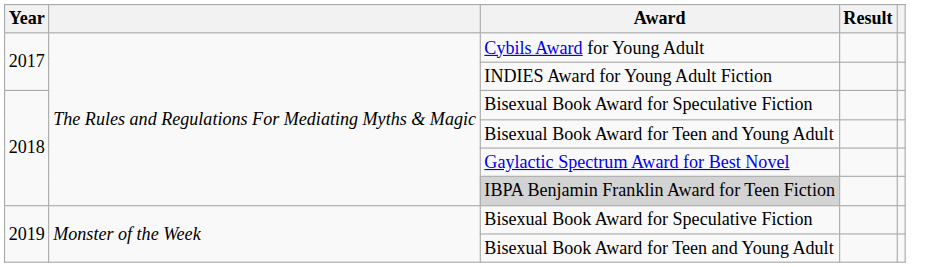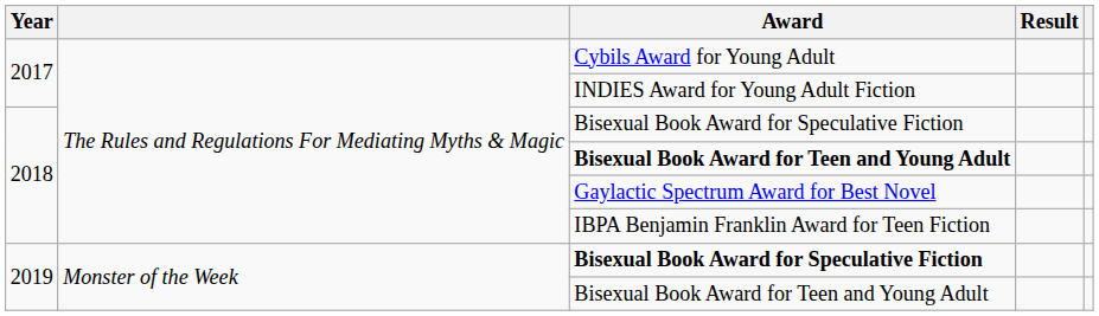 <table class="wikitable">
 <tr>
 <th>Year</th>
 <th></th>
 <th>Award</th>
 <th>Result</th>
 <th></th>
 </tr>
 <tr>
 <td rowspan="2">2017</td>
 <td rowspan="6"><em>The Rules and Regulations For Mediating Myths & Magic</em></td>
 <td><a href='#'>Cybils Award</a> for Young Adult</td>
 <td></td>
 <td></td>
 </tr>
 <tr>
 <td>INDIES Award for Young Adult Fiction</td>
 <td></td>
 <td></td>
 </tr>
 <tr>
 <td rowspan="4">2018</td>
 <td>Bisexual Book Award for Speculative Fiction</td>
 <td></td>
 <td></td>
 </tr>
 <tr>
-<td>Bisexual Book Award for Teen and Young Adult</td>
+<td><strong>Bisexual Book Award for Teen and Young Adult</strong></td>
 <td></td>
 <td></td>
 </tr>
 <tr>
 <td><a href='#'>Gaylactic Spectrum Award for Best Novel</a></td>
 <td></td>
 <td></td>
 </tr>
 <tr>
-<td style="background: lightgrey;">IBPA Benjamin Franklin Award for Teen Fiction</td>
+<td>IBPA Benjamin Franklin Award for Teen Fiction</td>
 <td></td>
 <td></td>
 </tr>
 <tr>
 <td rowspan="2">2019</td>
 <td rowspan="2"><em>Monster of the Week</em></td>
-<td>Bisexual Book Award for Speculative Fiction</td>
+<td><strong>Bisexual Book Award for Speculative Fiction</strong></td>
 <td></td>
 <td></td>
 </tr>
 <tr>
 <td>Bisexual Book Award for Teen and Young Adult</td>
 <td></td>
 <td></td>
 </tr>
 </table>
